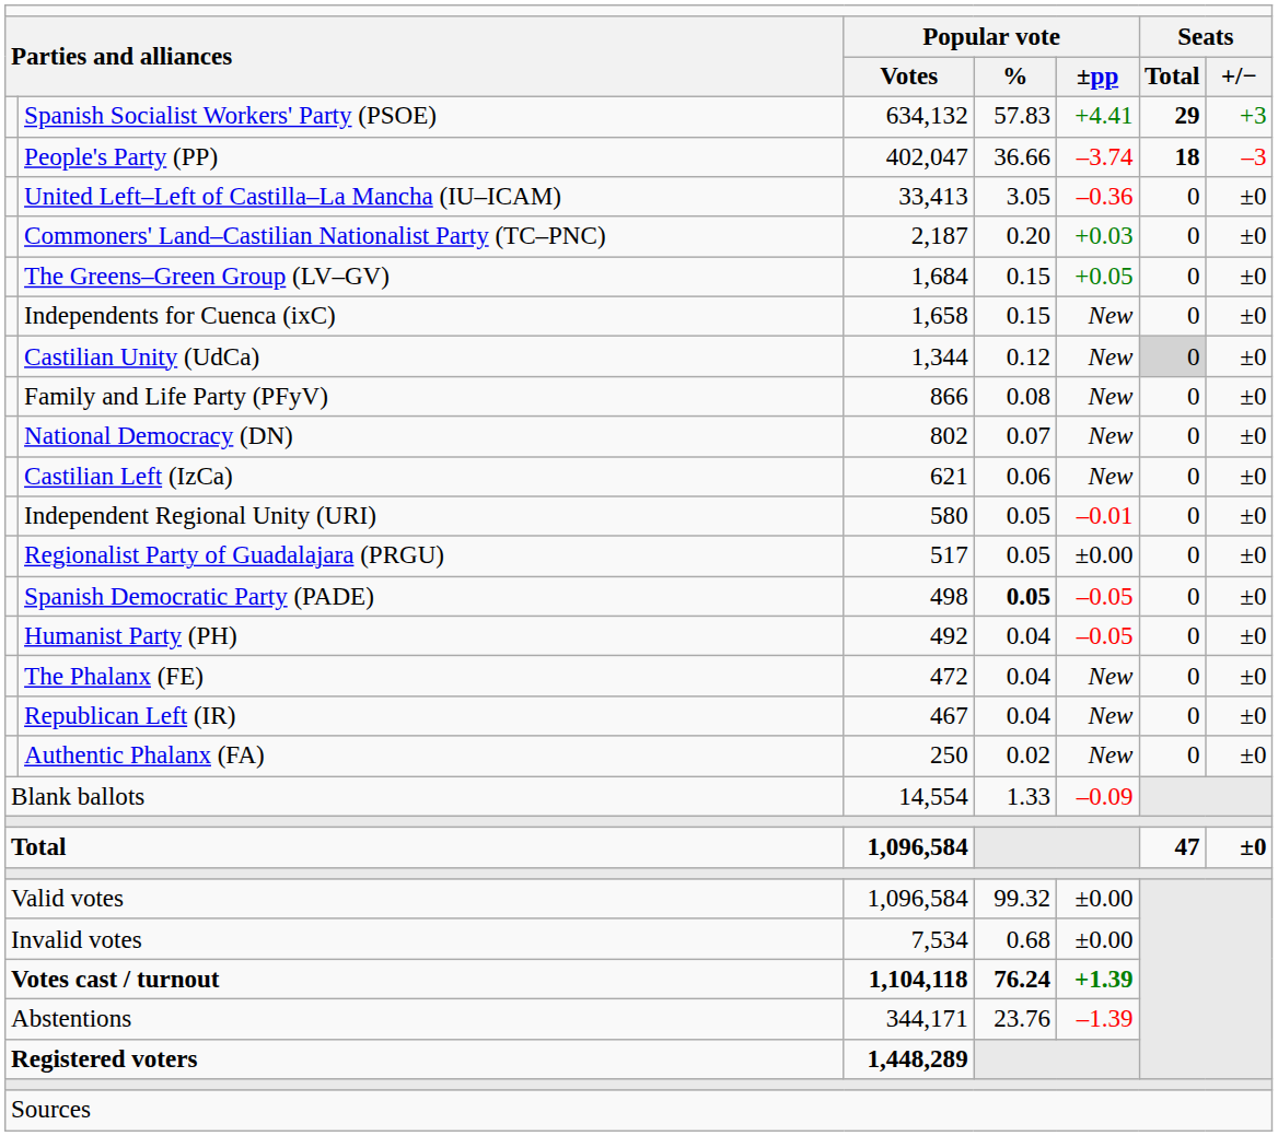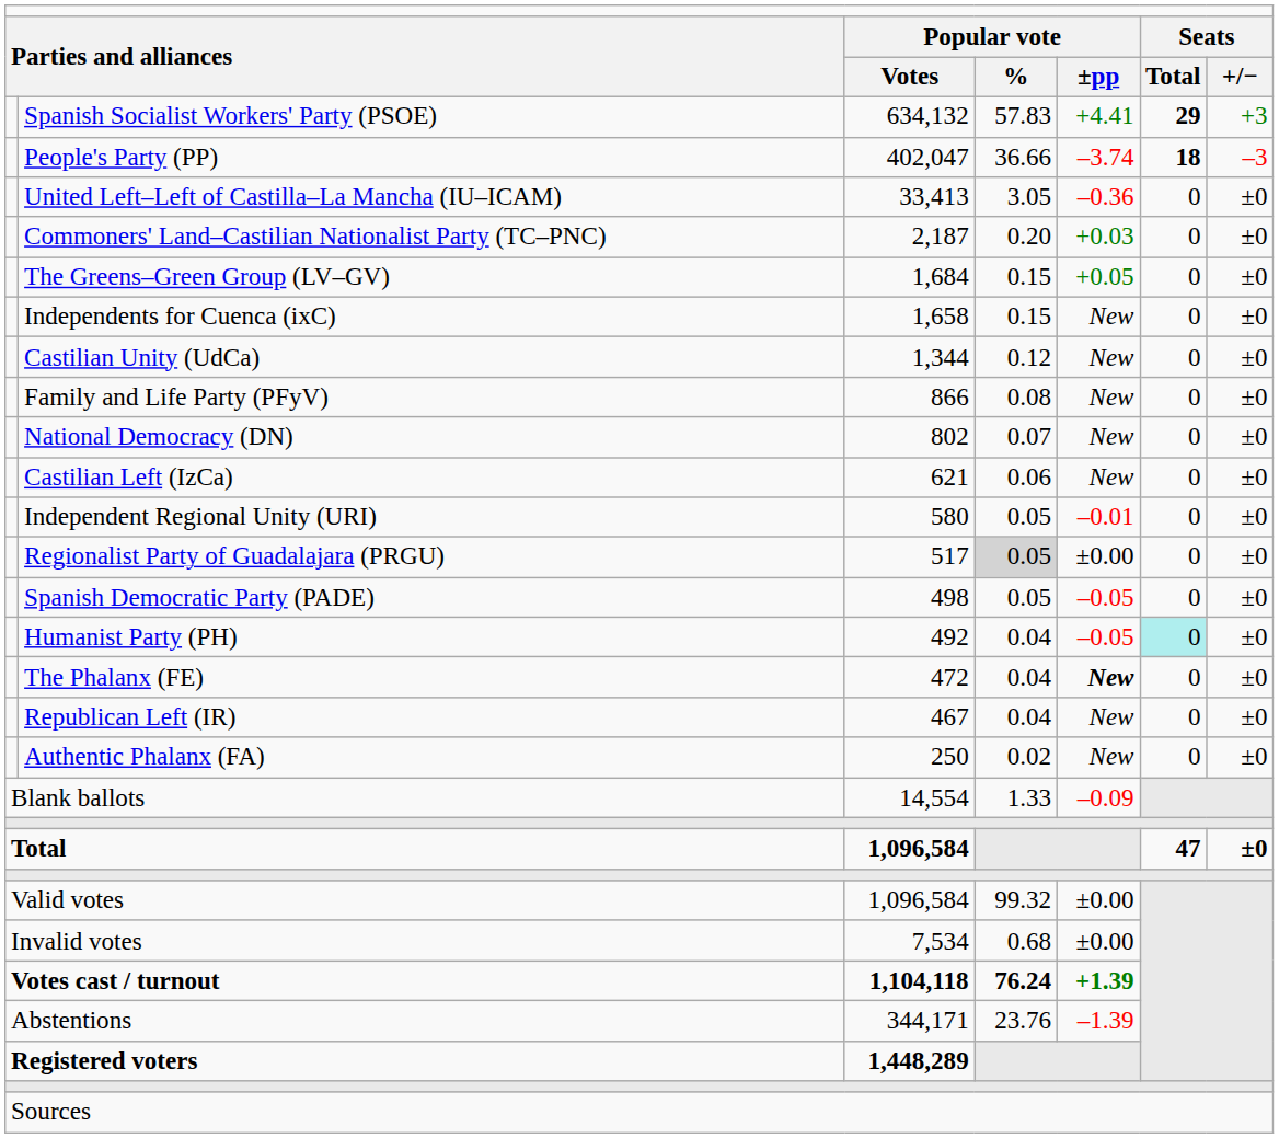 <table class="wikitable" style="text-align:right;">
 <tr>
 <td colspan="7"></td>
 </tr>
 <tr>
 <th style="text-align:left;" rowspan="2" colspan="2" width="525">Parties and alliances</th>
 <th colspan="3">Popular vote</th>
 <th colspan="2">Seats</th>
 </tr>
 <tr>
 <th width="75">Votes</th>
 <th width="45">%</th>
 <th width="45">±<a href='#'>pp</a></th>
 <th width="35">Total</th>
 <th width="35">+/−</th>
 </tr>
 <tr>
 <td width="1" style="color:inherit;background:"></td>
 <td align="left"><a href='#'>Spanish Socialist Workers' Party</a> (PSOE)</td>
 <td>634,132</td>
 <td>57.83</td>
 <td style="color:green;">+4.41</td>
 <td><strong>29</strong></td>
 <td style="color:green;">+3</td>
 </tr>
 <tr>
 <td style="color:inherit;background:"></td>
 <td align="left"><a href='#'>People's Party</a> (PP)</td>
 <td>402,047</td>
 <td>36.66</td>
 <td style="color:red;">–3.74</td>
 <td><strong>18</strong></td>
 <td style="color:red;">–3</td>
 </tr>
 <tr>
 <td style="color:inherit;background:"></td>
 <td align="left"><a href='#'>United Left–Left of Castilla–La Mancha</a> (IU–ICAM)</td>
 <td>33,413</td>
 <td>3.05</td>
 <td style="color:red;">–0.36</td>
 <td>0</td>
 <td>±0</td>
 </tr>
 <tr>
 <td style="color:inherit;background:"></td>
 <td align="left"><a href='#'>Commoners' Land–Castilian Nationalist Party</a> (TC–PNC)</td>
 <td>2,187</td>
 <td>0.20</td>
 <td style="color:green;">+0.03</td>
 <td>0</td>
 <td>±0</td>
 </tr>
 <tr>
 <td style="color:inherit;background:"></td>
 <td align="left"><a href='#'>The Greens–Green Group</a> (LV–GV)</td>
 <td>1,684</td>
 <td>0.15</td>
 <td style="color:green;">+0.05</td>
 <td>0</td>
 <td>±0</td>
 </tr>
 <tr>
 <td style="color:inherit;background:"></td>
 <td align="left">Independents for Cuenca (ixC)</td>
 <td>1,658</td>
 <td>0.15</td>
 <td><em>New</em></td>
 <td>0</td>
 <td>±0</td>
 </tr>
 <tr>
 <td style="color:inherit;background:"></td>
 <td align="left"><a href='#'>Castilian Unity</a> (UdCa)</td>
 <td>1,344</td>
 <td>0.12</td>
 <td><em>New</em></td>
-<td style="background: lightgrey;">0</td>
+<td>0</td>
 <td>±0</td>
 </tr>
 <tr>
 <td style="color:inherit;background:"></td>
 <td align="left">Family and Life Party (PFyV)</td>
 <td>866</td>
 <td>0.08</td>
 <td><em>New</em></td>
 <td>0</td>
 <td>±0</td>
 </tr>
 <tr>
 <td style="color:inherit;background:"></td>
 <td align="left"><a href='#'>National Democracy</a> (DN)</td>
 <td>802</td>
 <td>0.07</td>
 <td><em>New</em></td>
 <td>0</td>
 <td>±0</td>
 </tr>
 <tr>
 <td style="color:inherit;background:"></td>
 <td align="left"><a href='#'>Castilian Left</a> (IzCa)</td>
 <td>621</td>
 <td>0.06</td>
 <td><em>New</em></td>
 <td>0</td>
 <td>±0</td>
 </tr>
 <tr>
 <td style="color:inherit;background:"></td>
 <td align="left">Independent Regional Unity (URI)</td>
 <td>580</td>
 <td>0.05</td>
 <td style="color:red;">–0.01</td>
 <td>0</td>
 <td>±0</td>
 </tr>
 <tr>
 <td style="color:inherit;background:"></td>
 <td align="left"><a href='#'>Regionalist Party of Guadalajara</a> (PRGU)</td>
 <td>517</td>
-<td>0.05</td>
+<td style="background: lightgrey;">0.05</td>
 <td>±0.00</td>
 <td>0</td>
 <td>±0</td>
 </tr>
 <tr>
 <td style="color:inherit;background:"></td>
 <td align="left"><a href='#'>Spanish Democratic Party</a> (PADE)</td>
 <td>498</td>
-<td><strong>0.05</strong></td>
+<td>0.05</td>
 <td style="color:red;">–0.05</td>
 <td>0</td>
 <td>±0</td>
 </tr>
 <tr>
 <td style="color:inherit;background:"></td>
 <td align="left"><a href='#'>Humanist Party</a> (PH)</td>
 <td>492</td>
 <td>0.04</td>
 <td style="color:red;">–0.05</td>
-<td>0</td>
+<td style="background: paleturquoise;">0</td>
 <td>±0</td>
 </tr>
 <tr>
 <td style="color:inherit;background:"></td>
 <td align="left"><a href='#'>The Phalanx</a> (FE)</td>
 <td>472</td>
 <td>0.04</td>
-<td><em>New</em></td>
+<td><strong><em>New</em></strong></td>
 <td>0</td>
 <td>±0</td>
 </tr>
 <tr>
 <td style="color:inherit;background:"></td>
 <td align="left"><a href='#'>Republican Left</a> (IR)</td>
 <td>467</td>
 <td>0.04</td>
 <td><em>New</em></td>
 <td>0</td>
 <td>±0</td>
 </tr>
 <tr>
 <td style="color:inherit;background:"></td>
 <td align="left"><a href='#'>Authentic Phalanx</a> (FA)</td>
 <td>250</td>
 <td>0.02</td>
 <td><em>New</em></td>
 <td>0</td>
 <td>±0</td>
 </tr>
 <tr>
 <td align="left" colspan="2">Blank ballots</td>
 <td>14,554</td>
 <td>1.33</td>
 <td style="color:red;">–0.09</td>
 <td bgcolor="#E9E9E9" colspan="2"></td>
 </tr>
 <tr>
 <td colspan="7" bgcolor="#E9E9E9"></td>
 </tr>
 <tr style="font-weight:bold;">
 <td align="left" colspan="2">Total</td>
 <td>1,096,584</td>
 <td bgcolor="#E9E9E9" colspan="2"></td>
 <td>47</td>
 <td>±0</td>
 </tr>
 <tr>
 <td colspan="7" bgcolor="#E9E9E9"></td>
 </tr>
 <tr>
 <td align="left" colspan="2">Valid votes</td>
 <td>1,096,584</td>
 <td>99.32</td>
 <td>±0.00</td>
 <td bgcolor="#E9E9E9" colspan="2" rowspan="5"></td>
 </tr>
 <tr>
 <td align="left" colspan="2">Invalid votes</td>
 <td>7,534</td>
 <td>0.68</td>
 <td>±0.00</td>
 </tr>
 <tr style="font-weight:bold;">
 <td align="left" colspan="2">Votes cast / turnout</td>
 <td>1,104,118</td>
 <td>76.24</td>
 <td style="color:green;">+1.39</td>
 </tr>
 <tr>
 <td align="left" colspan="2">Abstentions</td>
 <td>344,171</td>
 <td>23.76</td>
 <td style="color:red;">–1.39</td>
 </tr>
 <tr style="font-weight:bold;">
 <td align="left" colspan="2">Registered voters</td>
 <td>1,448,289</td>
 <td bgcolor="#E9E9E9" colspan="2"></td>
 </tr>
 <tr>
 <td colspan="7" bgcolor="#E9E9E9"></td>
 </tr>
 <tr>
 <td align="left" colspan="7">Sources</td>
 </tr>
 </table>
